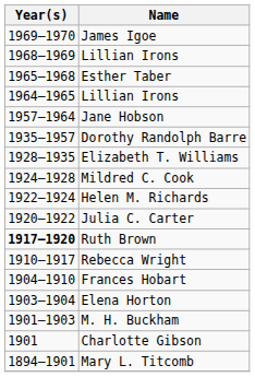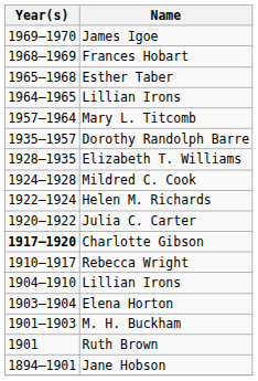 <table class="wikitable sortable">
 <tr>
 <th>Year(s)</th>
 <th>Name</th>
 </tr>
 <tr>
 <td>1969–1970</td>
 <td>James Igoe</td>
 </tr>
 <tr>
 <td>1968–1969</td>
-<td>Lillian Irons</td>
+<td>Frances Hobart</td>
 </tr>
 <tr>
 <td>1965–1968</td>
 <td>Esther Taber</td>
 </tr>
 <tr>
 <td>1964–1965</td>
 <td>Lillian Irons</td>
 </tr>
 <tr>
 <td>1957–1964</td>
-<td>Jane Hobson</td>
+<td>Mary L. Titcomb</td>
 </tr>
 <tr>
 <td>1935–1957</td>
 <td>Dorothy Randolph Barre</td>
 </tr>
 <tr>
 <td>1928–1935</td>
 <td>Elizabeth T. Williams</td>
 </tr>
 <tr>
 <td>1924–1928</td>
 <td>Mildred C. Cook</td>
 </tr>
 <tr>
 <td>1922–1924</td>
 <td>Helen M. Richards</td>
 </tr>
 <tr>
 <td>1920–1922</td>
 <td>Julia C. Carter</td>
 </tr>
 <tr>
 <td><strong>1917–1920</strong></td>
-<td>Ruth Brown</td>
+<td>Charlotte Gibson</td>
 </tr>
 <tr>
 <td>1910–1917</td>
 <td>Rebecca Wright</td>
 </tr>
 <tr>
 <td>1904–1910</td>
-<td>Frances Hobart</td>
+<td>Lillian Irons</td>
 </tr>
 <tr>
 <td>1903–1904</td>
 <td>Elena Horton</td>
 </tr>
 <tr>
 <td>1901–1903</td>
 <td>M. H. Buckham</td>
 </tr>
 <tr>
 <td>1901</td>
-<td>Charlotte Gibson</td>
+<td>Ruth Brown</td>
 </tr>
 <tr>
 <td>1894–1901</td>
-<td>Mary L. Titcomb</td>
+<td>Jane Hobson</td>
 </tr>
 <tr>
 </tr>
 </table>
